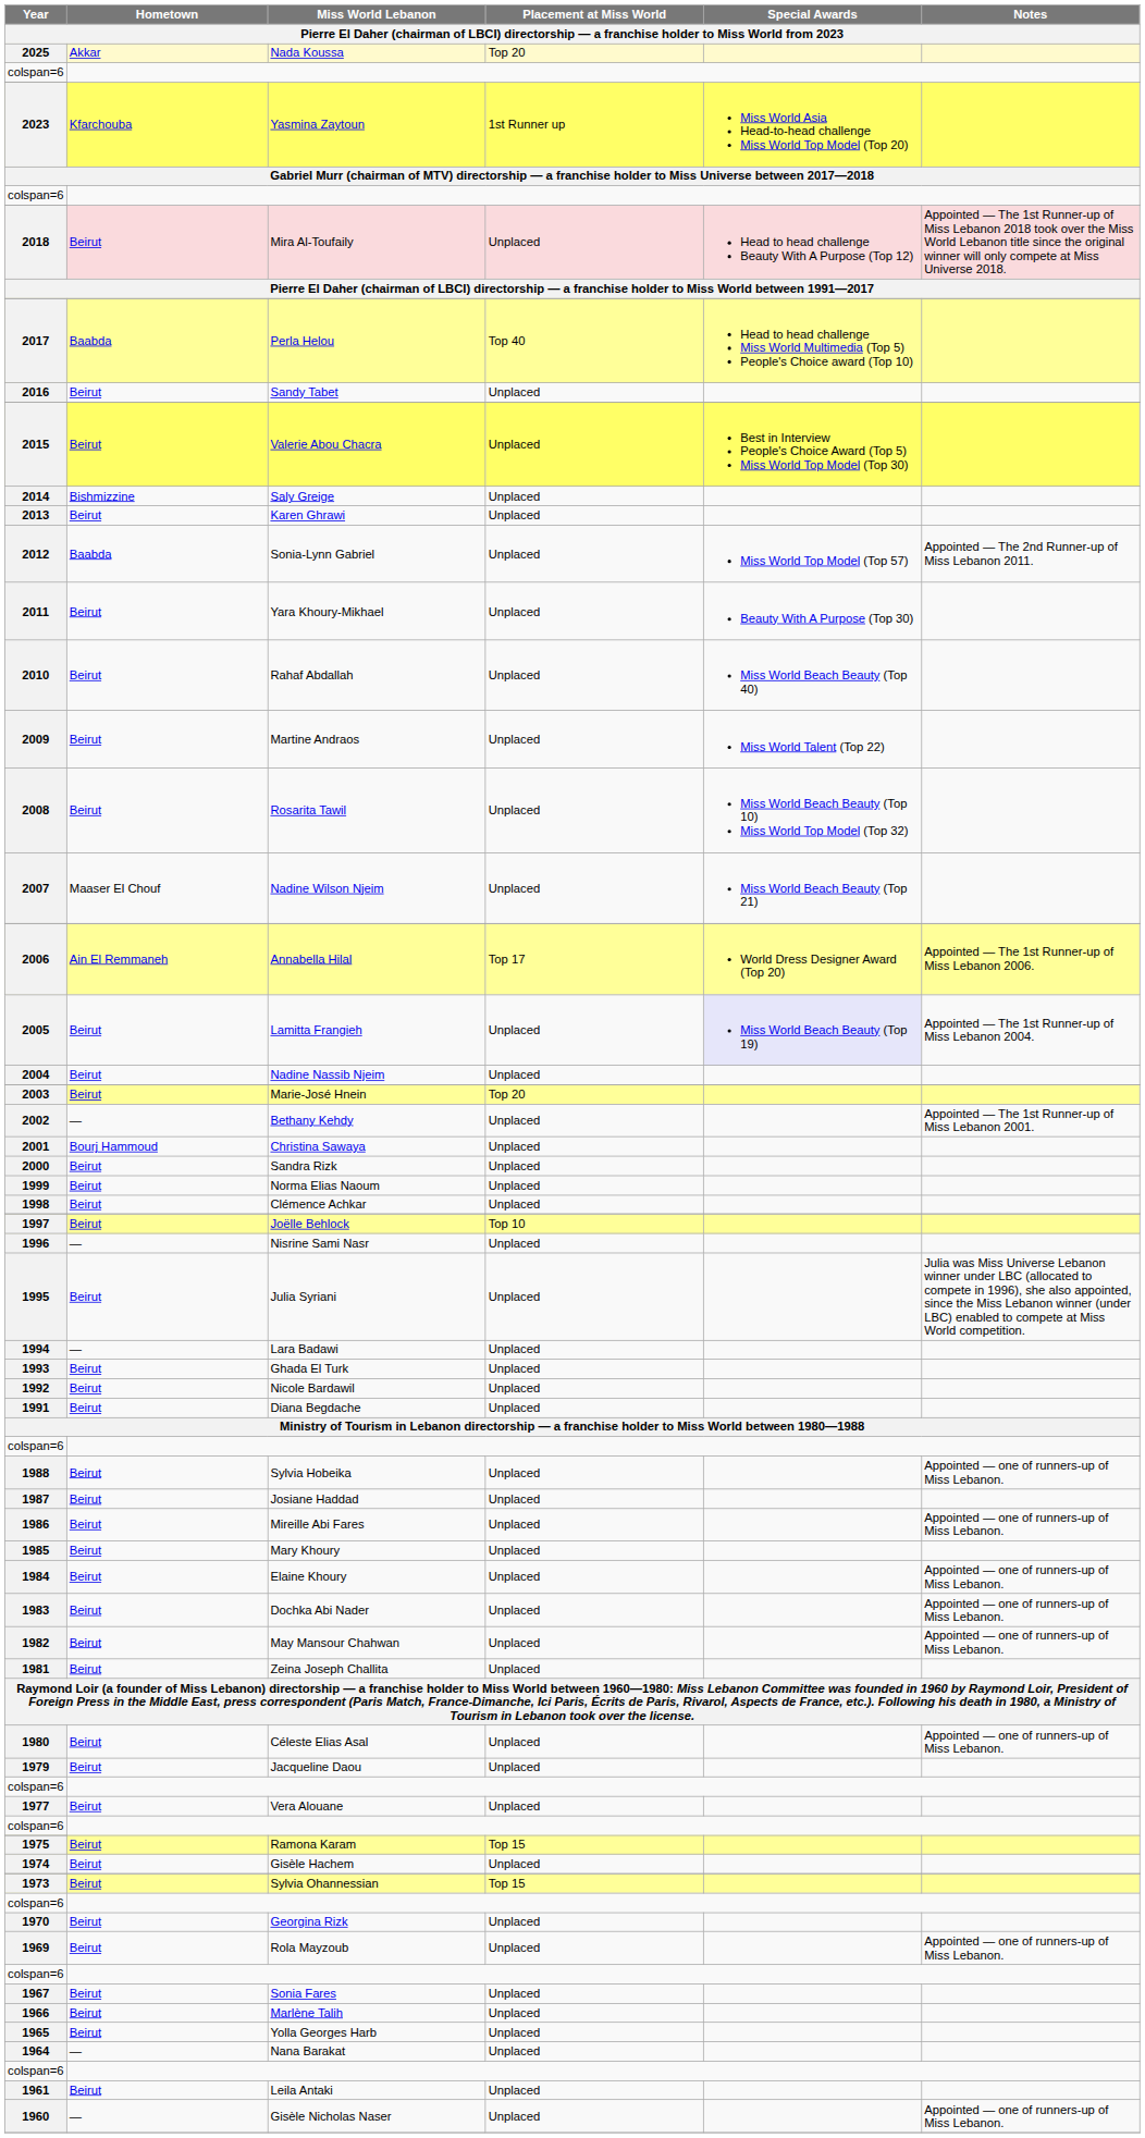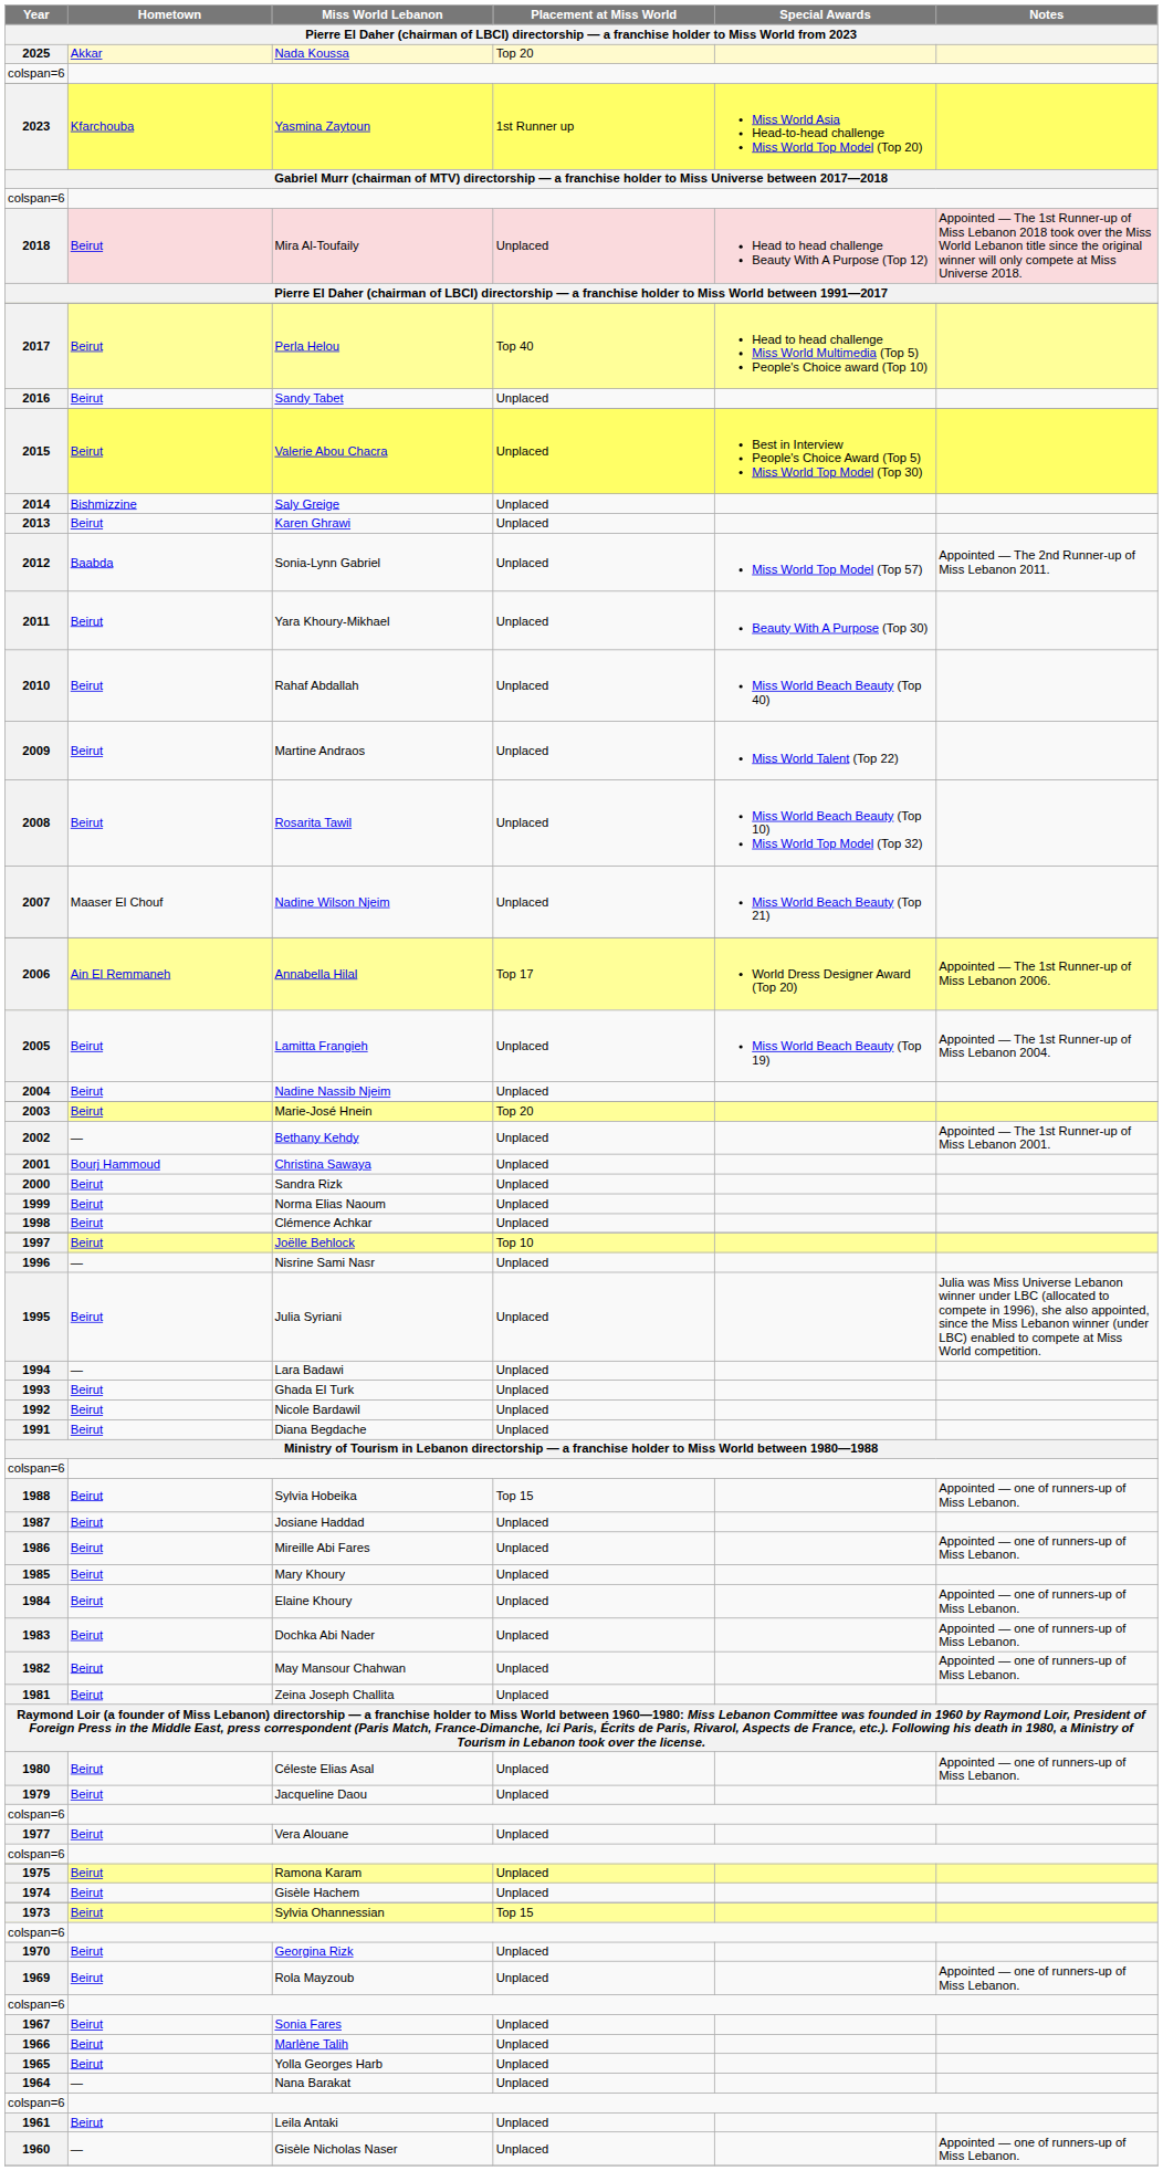 <table class="wikitable " style="font-size: 90%;">
 <tr>
 <th width="60" style="background-color:#787878;color:#FFFFFF;">Year</th>
 <th width="230" style="background-color:#787878;color:#FFFFFF;">Hometown</th>
 <th width="250" style="background-color:#787878;color:#FFFFFF;">Miss World Lebanon</th>
 <th width="250" style="background-color:#787878;color:#FFFFFF;">Placement at Miss World</th>
 <th width="250" style="background-color:#787878;color:#FFFFFF;">Special Awards</th>
 <th width="250" style="background-color:#787878;color:#FFFFFF;">Notes</th>
 </tr>
 <tr>
 <th colspan="6">Pierre El Daher (chairman of LBCI) directorship — a franchise holder to Miss World from 2023</th>
 </tr>
 <tr style="background-color:#FFFACD;">
 <th>2025</th>
 <td><a href='#'>Akkar</a></td>
 <td><a href='#'>Nada Koussa</a></td>
 <td>Top 20</td>
 <td></td>
 <td></td>
 </tr>
 <tr>
 <td>colspan=6 </td>
 </tr>
 <tr>
 </tr>
 <tr style="background-color:#FFFF66;">
 <th>2023</th>
 <td><a href='#'>Kfarchouba</a></td>
 <td><a href='#'>Yasmina Zaytoun</a></td>
 <td>1st Runner up</td>
 <td><br><ul><li><a href='#'>Miss World Asia</a></li><li>Head-to-head challenge</li><li><a href='#'>Miss World Top Model</a> (Top 20)</li></ul></td>
 <td></td>
 </tr>
 <tr>
 <th colspan="6">Gabriel Murr (chairman of MTV) directorship — a franchise holder to Miss Universe between 2017―2018</th>
 </tr>
 <tr>
 <td>colspan=6 </td>
 </tr>
 <tr>
 </tr>
 <tr style="background-color:#FADADD;">
 <th>2018</th>
 <td><a href='#'>Beirut</a></td>
 <td>Mira Al-Toufaily</td>
 <td>Unplaced</td>
 <td align="left"><br><ul><li>Head to head challenge</li><li>Beauty With A Purpose (Top 12)</li></ul></td>
 <td>Appointed — The 1st Runner-up of Miss Lebanon 2018 took over the Miss World Lebanon title since the original winner will only compete at Miss Universe 2018.</td>
 </tr>
 <tr>
 <th colspan="6">Pierre El Daher (chairman of LBCI) directorship — a franchise holder to Miss World between 1991―2017</th>
 </tr>
 <tr>
 </tr>
 <tr style="background-color:#FFFF99;">
 <th>2017</th>
-<td><a href='#'>Baabda</a></td>
+<td><a href='#'>Beirut</a></td>
 <td><a href='#'>Perla Helou</a></td>
 <td>Top 40</td>
 <td align="left"><br><ul><li>Head to head challenge</li><li><a href='#'>Miss World Multimedia</a> (Top 5)</li><li>People's Choice award (Top 10)</li></ul></td>
 <td></td>
 </tr>
 <tr>
 <th>2016</th>
 <td><a href='#'>Beirut</a></td>
 <td><a href='#'>Sandy Tabet</a></td>
 <td>Unplaced</td>
 <td></td>
 <td></td>
 </tr>
 <tr>
 </tr>
 <tr style="background-color:#FFFF66;">
 <th>2015</th>
 <td><a href='#'>Beirut</a></td>
 <td><a href='#'>Valerie Abou Chacra</a></td>
 <td>Unplaced</td>
 <td align="left"><br><ul><li>Best in Interview</li><li>People's Choice Award (Top 5)</li><li><a href='#'>Miss World Top Model</a> (Top 30)</li></ul></td>
 <td></td>
 </tr>
 <tr>
 <th>2014</th>
 <td><a href='#'>Bishmizzine</a></td>
 <td><a href='#'>Saly Greige</a></td>
 <td>Unplaced</td>
 <td></td>
 <td></td>
 </tr>
 <tr>
 <th>2013</th>
 <td><a href='#'>Beirut</a></td>
 <td><a href='#'>Karen Ghrawi</a></td>
 <td>Unplaced</td>
 <td></td>
 <td></td>
 </tr>
 <tr>
 <th>2012</th>
 <td><a href='#'>Baabda</a></td>
 <td>Sonia-Lynn Gabriel</td>
 <td>Unplaced</td>
 <td align="left"><br><ul><li><a href='#'>Miss World Top Model</a> (Top 57)</li></ul></td>
 <td>Appointed — The 2nd Runner-up of Miss Lebanon 2011.</td>
 </tr>
 <tr>
 <th>2011</th>
 <td><a href='#'>Beirut</a></td>
 <td>Yara Khoury-Mikhael</td>
 <td>Unplaced</td>
 <td align="left"><br><ul><li><a href='#'>Beauty With A Purpose</a> (Top 30)</li></ul></td>
 <td></td>
 </tr>
 <tr>
 <th>2010</th>
 <td><a href='#'>Beirut</a></td>
 <td>Rahaf Abdallah</td>
 <td>Unplaced</td>
 <td align="left"><br><ul><li><a href='#'>Miss World Beach Beauty</a> (Top 40)</li></ul></td>
 <td></td>
 </tr>
 <tr>
 <th>2009</th>
 <td><a href='#'>Beirut</a></td>
 <td>Martine Andraos</td>
 <td>Unplaced</td>
 <td align="left"><br><ul><li><a href='#'>Miss World Talent</a> (Top 22)</li></ul></td>
 <td></td>
 </tr>
 <tr>
 <th>2008</th>
 <td><a href='#'>Beirut</a></td>
 <td><a href='#'>Rosarita Tawil</a></td>
 <td>Unplaced</td>
 <td align="left"><br><ul><li><a href='#'>Miss World Beach Beauty</a> (Top 10)</li><li><a href='#'>Miss World Top Model</a> (Top 32)</li></ul></td>
 <td></td>
 </tr>
 <tr>
 <th>2007</th>
 <td>Maaser El Chouf</td>
 <td><a href='#'>Nadine Wilson Njeim</a></td>
 <td>Unplaced</td>
 <td align="left"><br><ul><li><a href='#'>Miss World Beach Beauty</a> (Top 21)</li></ul></td>
 <td></td>
 </tr>
 <tr>
 </tr>
 <tr style="background-color:#FFFF99;">
 <th>2006</th>
 <td><a href='#'>Ain El Remmaneh</a></td>
 <td><a href='#'>Annabella Hilal</a></td>
 <td>Top 17</td>
 <td align="left"><br><ul><li>World Dress Designer Award (Top 20)</li></ul></td>
 <td>Appointed — The 1st Runner-up of Miss Lebanon 2006.</td>
 </tr>
 <tr>
 <th>2005</th>
 <td><a href='#'>Beirut</a></td>
 <td><a href='#'>Lamitta Frangieh</a></td>
 <td>Unplaced</td>
-<td align="left" style="background: lavender;"><br><ul><li><a href='#'>Miss World Beach Beauty</a> (Top 19)</li></ul></td>
+<td align="left"><br><ul><li><a href='#'>Miss World Beach Beauty</a> (Top 19)</li></ul></td>
 <td>Appointed — The 1st Runner-up of Miss Lebanon 2004.</td>
 </tr>
 <tr>
 <th>2004</th>
 <td><a href='#'>Beirut</a></td>
 <td><a href='#'>Nadine Nassib Njeim</a></td>
 <td>Unplaced</td>
 <td></td>
 <td></td>
 </tr>
 <tr>
 </tr>
 <tr style="background-color:#FFFF99;">
 <th>2003</th>
 <td><a href='#'>Beirut</a></td>
 <td>Marie-José Hnein</td>
 <td>Top 20</td>
 <td></td>
 <td></td>
 </tr>
 <tr>
 <th>2002</th>
 <td>—</td>
 <td><a href='#'>Bethany Kehdy</a></td>
 <td>Unplaced</td>
 <td></td>
 <td>Appointed — The 1st Runner-up of Miss Lebanon 2001.</td>
 </tr>
 <tr>
 <th>2001</th>
 <td><a href='#'>Bourj Hammoud</a></td>
 <td><a href='#'>Christina Sawaya</a></td>
 <td>Unplaced</td>
 <td></td>
 <td></td>
 </tr>
 <tr>
 <th>2000</th>
 <td><a href='#'>Beirut</a></td>
 <td>Sandra Rizk</td>
 <td>Unplaced</td>
 <td></td>
 <td></td>
 </tr>
 <tr>
 <th>1999</th>
 <td><a href='#'>Beirut</a></td>
 <td>Norma Elias Naoum</td>
 <td>Unplaced</td>
 <td></td>
 <td></td>
 </tr>
 <tr>
 <th>1998</th>
 <td><a href='#'>Beirut</a></td>
 <td>Clémence Achkar</td>
 <td>Unplaced</td>
 <td></td>
 <td></td>
 </tr>
 <tr>
 </tr>
 <tr style="background-color:#FFFF99;">
 <th>1997</th>
 <td><a href='#'>Beirut</a></td>
 <td><a href='#'>Joëlle Behlock</a></td>
 <td>Top 10</td>
 <td></td>
 <td></td>
 </tr>
 <tr>
 <th>1996</th>
 <td>—</td>
 <td>Nisrine Sami Nasr</td>
 <td>Unplaced</td>
 <td></td>
 <td></td>
 </tr>
 <tr>
 <th>1995</th>
 <td><a href='#'>Beirut</a></td>
 <td>Julia Syriani</td>
 <td>Unplaced</td>
 <td></td>
 <td>Julia was Miss Universe Lebanon winner under LBC (allocated to compete in 1996), she also appointed, since the Miss Lebanon winner (under LBC) enabled to compete at Miss World competition.</td>
 </tr>
 <tr>
 <th>1994</th>
 <td>—</td>
 <td>Lara Badawi</td>
 <td>Unplaced</td>
 <td></td>
 <td></td>
 </tr>
 <tr>
 <th>1993</th>
 <td><a href='#'>Beirut</a></td>
 <td>Ghada El Turk</td>
 <td>Unplaced</td>
 <td></td>
 <td></td>
 </tr>
 <tr>
 <th>1992</th>
 <td><a href='#'>Beirut</a></td>
 <td>Nicole Bardawil</td>
 <td>Unplaced</td>
 <td></td>
 <td></td>
 </tr>
 <tr>
 <th>1991</th>
 <td><a href='#'>Beirut</a></td>
 <td>Diana Begdache</td>
 <td>Unplaced</td>
 <td></td>
 <td></td>
 </tr>
 <tr>
 <th colspan="6">Ministry of Tourism in Lebanon directorship — a franchise holder to Miss World between 1980―1988</th>
 </tr>
 <tr>
 <td>colspan=6 </td>
 </tr>
 <tr>
 <th>1988</th>
 <td><a href='#'>Beirut</a></td>
 <td>Sylvia Hobeika</td>
-<td>Unplaced</td>
+<td>Top 15</td>
 <td></td>
 <td>Appointed ― one of runners-up of Miss Lebanon.</td>
 </tr>
 <tr>
 <th>1987</th>
 <td><a href='#'>Beirut</a></td>
 <td>Josiane Haddad</td>
 <td>Unplaced</td>
 <td></td>
 <td></td>
 </tr>
 <tr>
 <th>1986</th>
 <td><a href='#'>Beirut</a></td>
 <td>Mireille Abi Fares</td>
 <td>Unplaced</td>
 <td></td>
 <td>Appointed ― one of runners-up of Miss Lebanon.</td>
 </tr>
 <tr>
 <th>1985</th>
 <td><a href='#'>Beirut</a></td>
 <td>Mary Khoury</td>
 <td>Unplaced</td>
 <td></td>
 <td></td>
 </tr>
 <tr>
 <th>1984</th>
 <td><a href='#'>Beirut</a></td>
 <td>Elaine Khoury</td>
 <td>Unplaced</td>
 <td></td>
 <td>Appointed ― one of runners-up of Miss Lebanon.</td>
 </tr>
 <tr>
 <th>1983</th>
 <td><a href='#'>Beirut</a></td>
 <td>Dochka Abi Nader</td>
 <td>Unplaced</td>
 <td></td>
 <td>Appointed ― one of runners-up of Miss Lebanon.</td>
 </tr>
 <tr>
 <th>1982</th>
 <td><a href='#'>Beirut</a></td>
 <td>May Mansour Chahwan</td>
 <td>Unplaced</td>
 <td></td>
 <td>Appointed ― one of runners-up of Miss Lebanon.</td>
 </tr>
 <tr>
 <th>1981</th>
 <td><a href='#'>Beirut</a></td>
 <td>Zeina Joseph Challita</td>
 <td>Unplaced</td>
 <td></td>
 <td></td>
 </tr>
 <tr>
 <th colspan="6">Raymond Loir (a founder of Miss Lebanon) directorship — a franchise holder to Miss World between 1960―1980: <em>Miss Lebanon Committee was founded in 1960 by Raymond Loir, President of Foreign Press in the Middle East, press correspondent (Paris Match, France-Dimanche, Ici Paris, Écrits de Paris, Rivarol, Aspects de France, etc.). Following his death in 1980, a Ministry of Tourism in Lebanon took over the license.</em></th>
 </tr>
 <tr>
 <th>1980</th>
 <td><a href='#'>Beirut</a></td>
 <td>Céleste Elias Asal</td>
 <td>Unplaced</td>
 <td></td>
 <td>Appointed ― one of runners-up of Miss Lebanon.</td>
 </tr>
 <tr>
 <th>1979</th>
 <td><a href='#'>Beirut</a></td>
 <td>Jacqueline Daou</td>
 <td>Unplaced</td>
 <td></td>
 <td></td>
 </tr>
 <tr>
 <td>colspan=6 </td>
 </tr>
 <tr>
 <th>1977</th>
 <td><a href='#'>Beirut</a></td>
 <td>Vera Alouane</td>
 <td>Unplaced</td>
 <td></td>
 <td></td>
 </tr>
 <tr>
 <td>colspan=6 </td>
 </tr>
 <tr>
 </tr>
 <tr style="background-color:#FFFF99;">
 <th>1975</th>
 <td><a href='#'>Beirut</a></td>
 <td>Ramona Karam</td>
-<td>Top 15</td>
+<td>Unplaced</td>
 <td></td>
 <td></td>
 </tr>
 <tr>
 <th>1974</th>
 <td><a href='#'>Beirut</a></td>
 <td>Gisèle Hachem</td>
 <td>Unplaced</td>
 <td></td>
 <td></td>
 </tr>
 <tr>
 </tr>
 <tr style="background-color:#FFFF99;">
 <th>1973</th>
 <td><a href='#'>Beirut</a></td>
 <td>Sylvia Ohannessian</td>
 <td>Top 15</td>
 <td></td>
 <td></td>
 </tr>
 <tr>
 <td>colspan=6 </td>
 </tr>
 <tr>
 <th>1970</th>
 <td><a href='#'>Beirut</a></td>
 <td><a href='#'>Georgina Rizk</a></td>
 <td>Unplaced</td>
 <td></td>
 <td></td>
 </tr>
 <tr>
 <th>1969</th>
 <td><a href='#'>Beirut</a></td>
 <td>Rola Mayzoub</td>
 <td>Unplaced</td>
 <td></td>
 <td>Appointed ― one of runners-up of Miss Lebanon.</td>
 </tr>
 <tr>
 <td>colspan=6 </td>
 </tr>
 <tr>
 <th>1967</th>
 <td><a href='#'>Beirut</a></td>
 <td><a href='#'>Sonia Fares</a></td>
 <td>Unplaced</td>
 <td></td>
 <td></td>
 </tr>
 <tr>
 <th>1966</th>
 <td><a href='#'>Beirut</a></td>
 <td><a href='#'>Marlène Talih</a></td>
 <td>Unplaced</td>
 <td></td>
 <td></td>
 </tr>
 <tr>
 <th>1965</th>
 <td><a href='#'>Beirut</a></td>
 <td>Yolla Georges Harb</td>
 <td>Unplaced</td>
 <td></td>
 <td></td>
 </tr>
 <tr>
 <th>1964</th>
 <td>—</td>
 <td>Nana Barakat</td>
 <td>Unplaced</td>
 <td></td>
 <td></td>
 </tr>
 <tr>
 <td>colspan=6 </td>
 </tr>
 <tr>
 <th>1961</th>
 <td><a href='#'>Beirut</a></td>
 <td>Leila Antaki</td>
 <td>Unplaced</td>
 <td></td>
 <td></td>
 </tr>
 <tr>
 <th>1960</th>
 <td>—</td>
 <td>Gisèle Nicholas Naser</td>
 <td>Unplaced</td>
 <td></td>
 <td>Appointed ― one of runners-up of Miss Lebanon.</td>
 </tr>
 <tr>
 </tr>
 </table>
